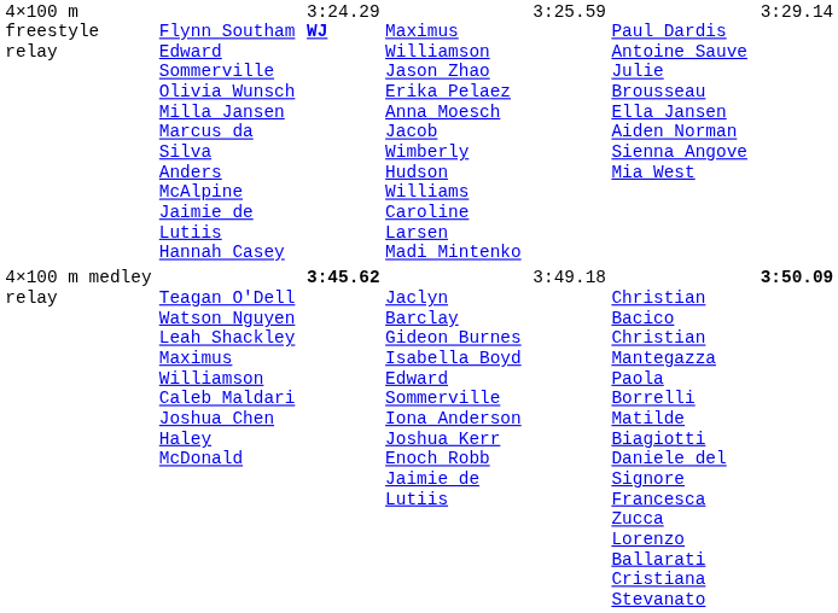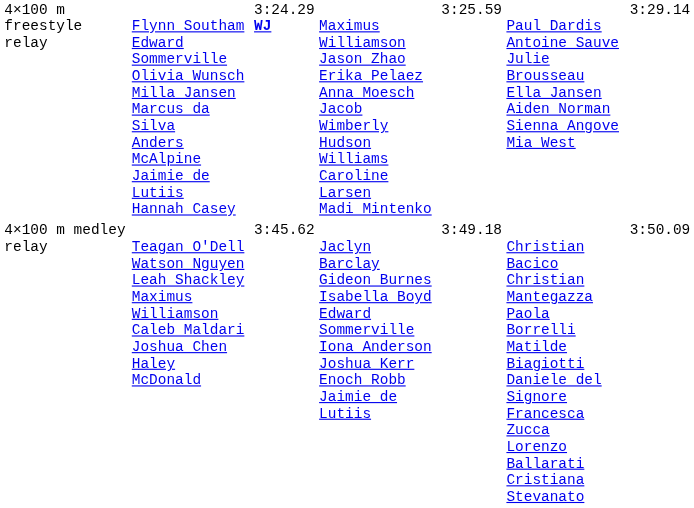 <table>
 <tr valign="top">
 <td>4×100 m freestyle relay</td>
 <td><br><a href='#'>Flynn Southam</a><br><a href='#'>Edward Sommerville</a><br><a href='#'>Olivia Wunsch</a> <br><a href='#'>Milla Jansen</a> <br><a href='#'>Marcus da Silva</a><br><a href='#'>Anders McAlpine</a><br><a href='#'>Jaimie de Lutiis</a><br><a href='#'>Hannah Casey</a></td>
 <td>3:24.29<br><strong><a href='#'>WJ</a></strong></td>
 <td><br><a href='#'>Maximus Williamson</a> <br><a href='#'>Jason Zhao</a> <br><a href='#'>Erika Pelaez</a><br><a href='#'>Anna Moesch</a><br><a href='#'>Jacob Wimberly</a><br><a href='#'>Hudson Williams</a><br><a href='#'>Caroline Larsen</a><br><a href='#'>Madi Mintenko</a></td>
 <td>3:25.59</td>
 <td><br><a href='#'>Paul Dardis</a><br> <a href='#'>Antoine Sauve</a> <br><a href='#'>Julie Brousseau</a><br><a href='#'>Ella Jansen</a><br><a href='#'>Aiden Norman</a><br><a href='#'>Sienna Angove</a><br><a href='#'>Mia West</a></td>
 <td>3:29.14</td>
 </tr>
 <tr valign="top">
 <td>4×100 m medley relay</td>
 <td><br><a href='#'>Teagan O'Dell</a> <br><a href='#'>Watson Nguyen</a><br><a href='#'>Leah Shackley</a><br><a href='#'>Maximus Williamson</a><br><a href='#'>Caleb Maldari</a><br><a href='#'>Joshua Chen</a><br><a href='#'>Haley McDonald</a></td>
-<td><strong>3:45.62</strong></td>
+<td>3:45.62</td>
 <td><br><a href='#'>Jaclyn Barclay</a><br><a href='#'>Gideon Burnes</a> <br><a href='#'>Isabella Boyd</a> <br><a href='#'>Edward Sommerville</a><br><a href='#'>Iona Anderson</a><br><a href='#'>Joshua Kerr</a><br><a href='#'>Enoch Robb</a><br><a href='#'>Jaimie de Lutiis</a></td>
 <td>3:49.18</td>
 <td><br><a href='#'>Christian Bacico</a> <br><a href='#'>Christian Mantegazza</a> <br><a href='#'>Paola Borrelli</a><br><a href='#'>Matilde Biagiotti</a> <br><a href='#'>Daniele del Signore</a><br><a href='#'>Francesca Zucca</a><br><a href='#'>Lorenzo Ballarati</a><br><a href='#'>Cristiana Stevanato</a></td>
-<td><strong>3:50.09</strong></td>
+<td>3:50.09</td>
 </tr>
 </table>
